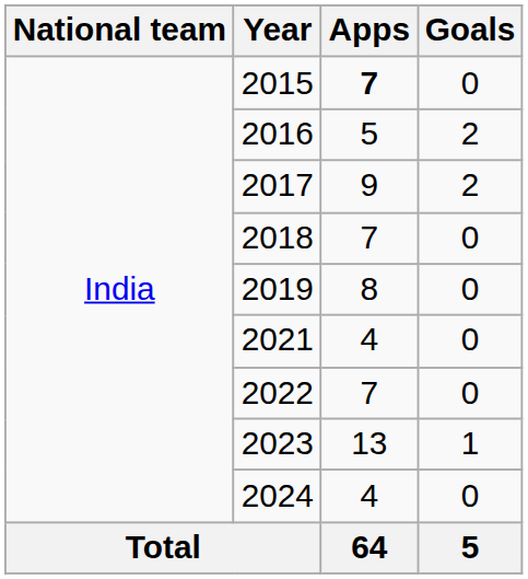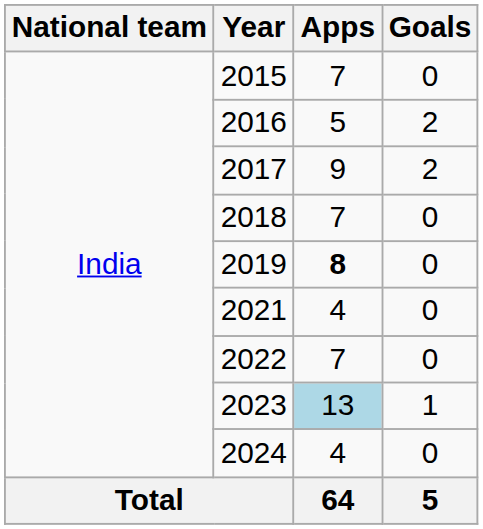 <table class="wikitable" style="text-align: center;">
 <tr>
 <th>National team</th>
 <th>Year</th>
 <th>Apps</th>
 <th>Goals</th>
 </tr>
 <tr>
 <td rowspan="9"><a href='#'>India</a></td>
 <td>2015</td>
-<td><strong>7</strong></td>
+<td>7</td>
 <td>0</td>
 </tr>
 <tr>
 <td>2016</td>
 <td>5</td>
 <td>2</td>
 </tr>
 <tr>
 <td>2017</td>
 <td>9</td>
 <td>2</td>
 </tr>
 <tr>
 <td>2018</td>
 <td>7</td>
 <td>0</td>
 </tr>
 <tr>
 <td>2019</td>
-<td>8</td>
+<td><strong>8</strong></td>
 <td>0</td>
 </tr>
 <tr>
 <td>2021</td>
 <td>4</td>
 <td>0</td>
 </tr>
 <tr>
 <td>2022</td>
 <td>7</td>
 <td>0</td>
 </tr>
 <tr>
 <td>2023</td>
-<td>13</td>
+<td style="background: lightblue;">13</td>
 <td>1</td>
 </tr>
 <tr>
 <td>2024</td>
 <td>4</td>
 <td>0</td>
 </tr>
 <tr>
 <th colspan="2">Total</th>
 <th>64</th>
 <th>5</th>
 </tr>
 </table>
